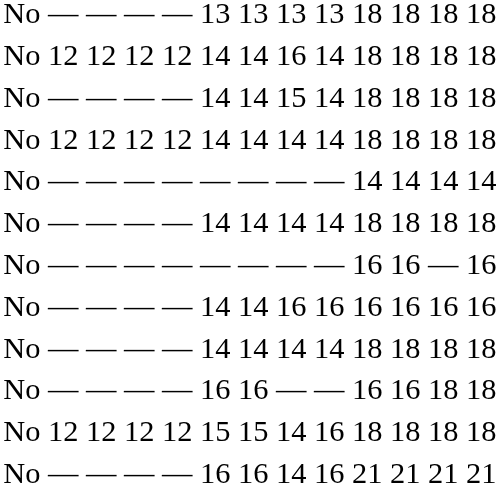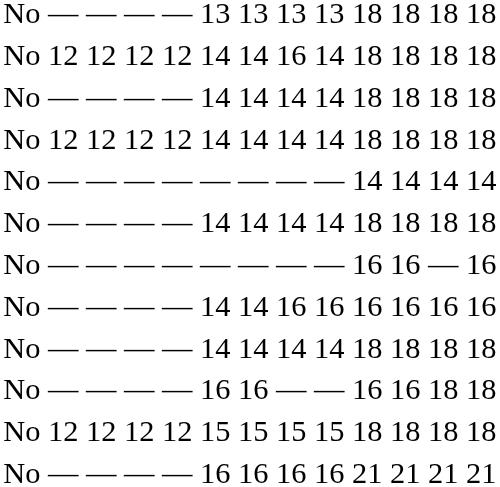 <table>
 <tr>
 </tr>
 <tr>
 <td> </td>
 <td>No</td>
 <td>—</td>
 <td>—</td>
 <td>—</td>
 <td>—</td>
 <td>13</td>
 <td>13</td>
 <td>13</td>
 <td>13</td>
 <td>18</td>
 <td>18</td>
 <td>18</td>
 <td>18</td>
 <td style=text-align:left></td>
 </tr>
 <tr>
 <td> </td>
 <td>No</td>
 <td>12</td>
 <td>12</td>
 <td>12</td>
 <td>12</td>
 <td>14</td>
 <td>14</td>
 <td>16</td>
 <td>14</td>
 <td>18</td>
 <td>18</td>
 <td>18</td>
 <td>18</td>
 <td style=text-align:left></td>
 </tr>
 <tr>
 <td> </td>
 <td>No</td>
 <td>—</td>
 <td>—</td>
 <td>—</td>
 <td>—</td>
 <td>14</td>
 <td>14</td>
-<td>15</td>
+<td>14</td>
 <td>14</td>
 <td>18</td>
 <td>18</td>
 <td>18</td>
 <td>18</td>
 <td style=text-align:left></td>
 </tr>
 <tr>
 <td> </td>
 <td>No</td>
 <td>12</td>
 <td>12</td>
 <td>12</td>
 <td>12</td>
 <td>14</td>
 <td>14</td>
 <td>14</td>
 <td>14</td>
 <td>18</td>
 <td>18</td>
 <td>18</td>
 <td>18</td>
 <td style=text-align:left></td>
 </tr>
 <tr>
 <td> </td>
 <td>No</td>
 <td>—</td>
 <td>—</td>
 <td>—</td>
 <td>—</td>
 <td>—</td>
 <td>—</td>
 <td>—</td>
 <td>—</td>
 <td>14</td>
 <td>14</td>
 <td>14</td>
 <td>14</td>
 <td style=text-align:left></td>
 </tr>
 <tr>
 <td> </td>
 <td>No</td>
 <td>—</td>
 <td>—</td>
 <td>—</td>
 <td>—</td>
 <td>14</td>
 <td>14</td>
 <td>14</td>
 <td>14</td>
 <td>18</td>
 <td>18</td>
 <td>18</td>
 <td>18</td>
 <td style=text-align:left></td>
 </tr>
 <tr>
 <td> </td>
 <td>No</td>
 <td>—</td>
 <td>—</td>
 <td>—</td>
 <td>—</td>
 <td>—</td>
 <td>—</td>
 <td>—</td>
 <td>—</td>
 <td>16</td>
 <td>16</td>
 <td>—</td>
 <td>16</td>
 <td style=text-align:left></td>
 </tr>
 <tr>
 <td> </td>
 <td>No</td>
 <td>—</td>
 <td>—</td>
 <td>—</td>
 <td>—</td>
 <td>14</td>
 <td>14</td>
 <td>16</td>
 <td>16</td>
 <td>16</td>
 <td>16</td>
 <td>16</td>
 <td>16</td>
 <td style=text-align:left></td>
 </tr>
 <tr>
 <td> </td>
 <td>No</td>
 <td>—</td>
 <td>—</td>
 <td>—</td>
 <td>—</td>
 <td>14</td>
 <td>14</td>
 <td>14</td>
 <td>14</td>
 <td>18</td>
 <td>18</td>
 <td>18</td>
 <td>18</td>
 <td style=text-align:left></td>
 </tr>
 <tr>
 <td> </td>
 <td>No</td>
 <td>—</td>
 <td>—</td>
 <td>—</td>
 <td>—</td>
 <td>16</td>
 <td>16</td>
 <td>—</td>
 <td>—</td>
 <td>16</td>
 <td>16</td>
 <td>18</td>
 <td>18</td>
 <td style=text-align:left></td>
 </tr>
 <tr>
 <td> </td>
 <td>No</td>
 <td>12</td>
 <td>12</td>
 <td>12</td>
 <td>12</td>
 <td>15</td>
 <td>15</td>
-<td>14</td>
-<td>16</td>
+<td>15</td>
+<td>15</td>
 <td>18</td>
 <td>18</td>
 <td>18</td>
 <td>18</td>
 <td style=text-align:left></td>
 </tr>
 <tr>
 <td> </td>
 <td>No</td>
 <td>—</td>
 <td>—</td>
 <td>—</td>
 <td>—</td>
 <td>16</td>
 <td>16</td>
-<td>14</td>
+<td>16</td>
 <td>16</td>
 <td>21</td>
 <td>21</td>
 <td>21</td>
 <td>21</td>
 <td style=text-align:left><br></td>
 </tr>
 </table>
